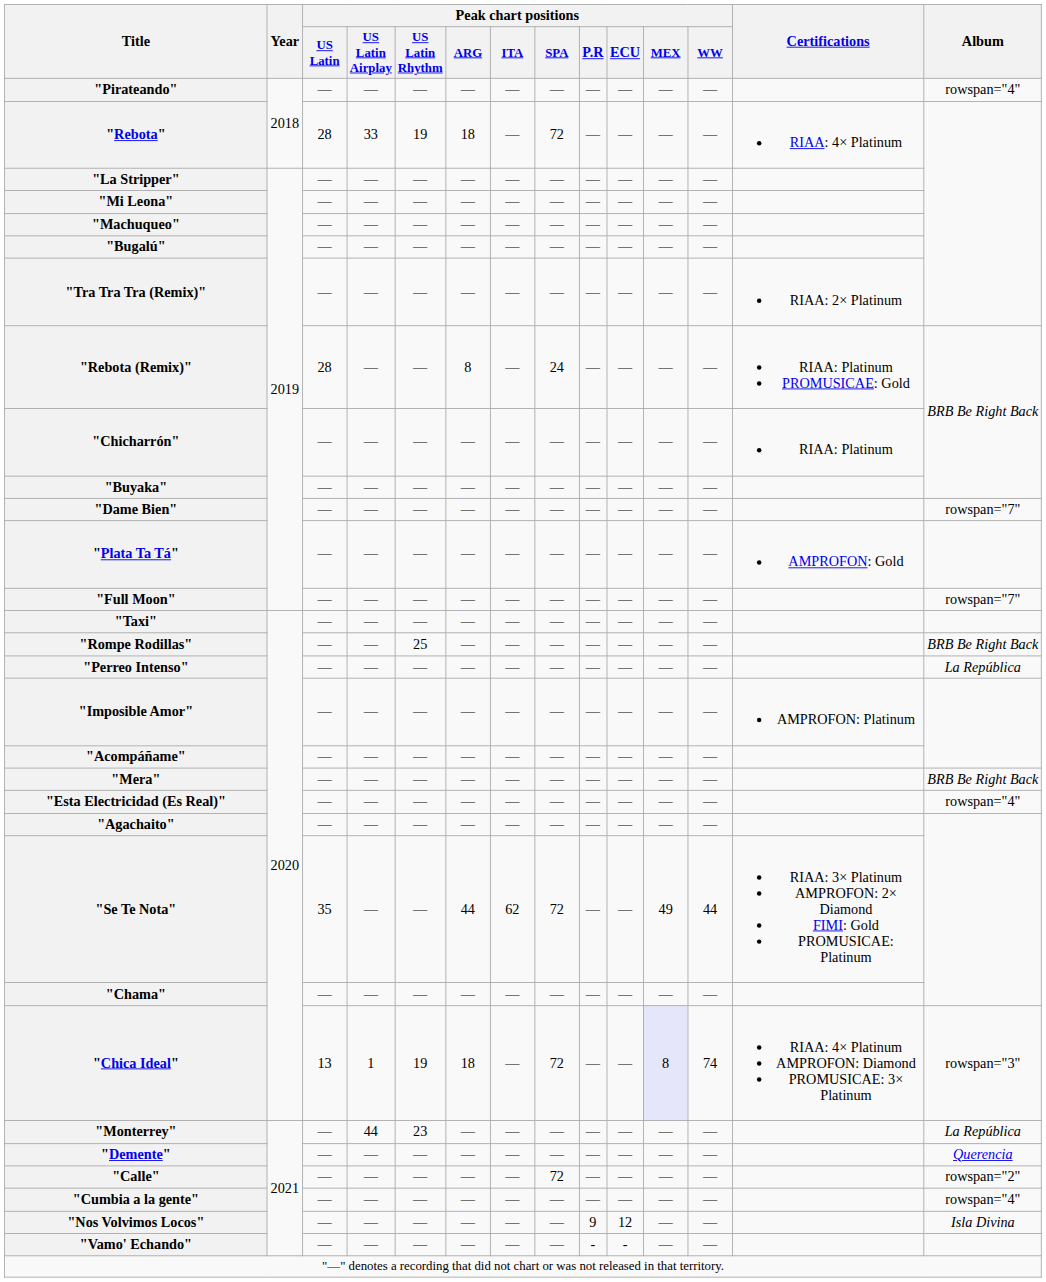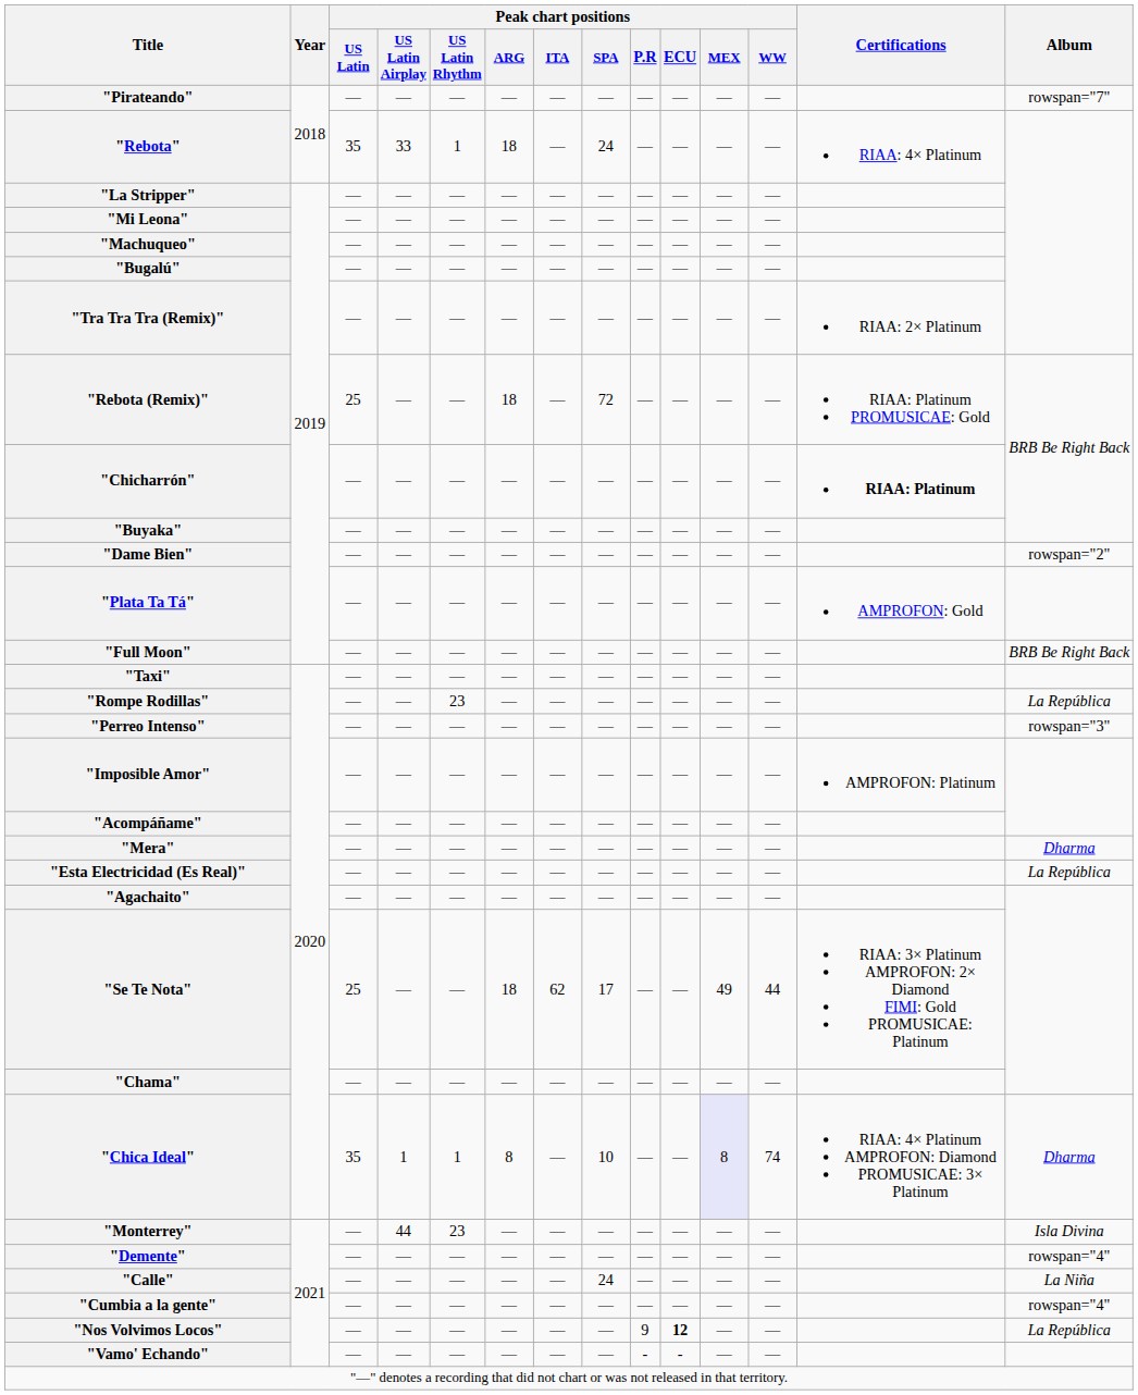 <table class="wikitable plainrowheaders" style="text-align:center;">
 <tr>
 <th scope="col" rowspan="2" style="width:18em;">Title</th>
 <th scope="col" rowspan="2" style="width:1em;">Year</th>
 <th colspan="10" scope="col">Peak chart positions</th>
 <th scope="col" rowspan="2" style="width:13em;"><a href='#'>Certifications</a></th>
 <th scope="col" rowspan="2">Album</th>
 </tr>
 <tr>
 <th scope="col" style="width:3em;font-size:90%;"><a href='#'>US<br>Latin</a><br></th>
 <th scope="col" style="width:3em;font-size:90%;"><a href='#'>US<br>Latin<br>Airplay</a><br></th>
 <th scope="col" style="width:3em;font-size:90%;"><a href='#'>US<br>Latin<br>Rhythm</a><br></th>
 <th scope="col" style="width:3em;font-size:90%;"><a href='#'>ARG</a><br></th>
 <th scope="col" style="width:3em;font-size:90%;"><a href='#'>ITA</a><br></th>
 <th scope="col" style="width:3em;font-size:90%;"><a href='#'>SPA</a><br></th>
 <th><a href='#'>P.R</a><br></th>
 <th><a href='#'>ECU</a><br></th>
 <th scope="col" style="width:3em;font-size:90%;"><a href='#'>MEX</a><br></th>
 <th scope="col" style="width:3em;font-size:90%;"><a href='#'>WW</a><br></th>
 </tr>
 <tr>
 <th scope="row">"Pirateando"</th>
 <td rowspan="2">2018</td>
 <td>—</td>
 <td>—</td>
 <td>—</td>
 <td>—</td>
 <td>—</td>
 <td>—</td>
 <td>—</td>
 <td>—</td>
 <td>—</td>
 <td>—</td>
 <td></td>
-<td>rowspan="4" </td>
+<td>rowspan="7" </td>
 </tr>
 <tr>
 <th scope="row">"<a href='#'>Rebota</a>"</th>
-<td>28</td>
+<td>35</td>
 <td>33</td>
-<td>19</td>
+<td>1</td>
 <td>18</td>
 <td>—</td>
-<td>72</td>
+<td>24</td>
 <td>—</td>
 <td>—</td>
 <td>—</td>
 <td>—</td>
 <td><br><ul><li><a href='#'>RIAA</a>: 4× Platinum  </li></ul></td>
 </tr>
 <tr>
 <th scope="row">"La Stripper"</th>
 <td rowspan="11">2019</td>
 <td>—</td>
 <td>—</td>
 <td>—</td>
 <td>—</td>
 <td>—</td>
 <td>—</td>
 <td>—</td>
 <td>—</td>
 <td>—</td>
 <td>—</td>
 <td></td>
 </tr>
 <tr>
 <th scope="row">"Mi Leona"<br></th>
 <td>—</td>
 <td>—</td>
 <td>—</td>
 <td>—</td>
 <td>—</td>
 <td>—</td>
 <td>—</td>
 <td>—</td>
 <td>—</td>
 <td>—</td>
 <td></td>
 </tr>
 <tr>
 <th scope="row">"Machuqueo"<br></th>
 <td>—</td>
 <td>—</td>
 <td>—</td>
 <td>—</td>
 <td>—</td>
 <td>—</td>
 <td>—</td>
 <td>—</td>
 <td>—</td>
 <td>—</td>
 <td></td>
 </tr>
 <tr>
 <th scope="row">"Bugalú"<br></th>
 <td>—</td>
 <td>—</td>
 <td>—</td>
 <td>—</td>
 <td>—</td>
 <td>—</td>
 <td>—</td>
 <td>—</td>
 <td>—</td>
 <td>—</td>
 <td></td>
 </tr>
 <tr>
 <th scope="row">"Tra Tra Tra (Remix)"<br></th>
 <td>—</td>
 <td>—</td>
 <td>—</td>
 <td>—</td>
 <td>—</td>
 <td>—</td>
 <td>—</td>
 <td>—</td>
 <td>—</td>
 <td>—</td>
 <td><br><ul><li>RIAA: 2× Platinum  </li></ul></td>
 </tr>
 <tr>
 <th scope="row">"Rebota (Remix)"<br></th>
-<td>28</td>
+<td>25</td>
 <td>—</td>
 <td>—</td>
-<td>8</td>
+<td>18</td>
 <td>—</td>
-<td>24</td>
+<td>72</td>
 <td>—</td>
 <td>—</td>
 <td>—</td>
 <td>—</td>
 <td><br><ul><li>RIAA: Platinum  </li><li><a href='#'>PROMUSICAE</a>: Gold</li></ul></td>
 <td rowspan="3"><em>BRB Be Right Back</em></td>
 </tr>
 <tr>
 <th scope="row">"Chicharrón"<br></th>
 <td>—</td>
 <td>—</td>
 <td>—</td>
 <td>—</td>
 <td>—</td>
 <td>—</td>
 <td>—</td>
 <td>—</td>
 <td>—</td>
 <td>—</td>
-<td><br><ul><li>RIAA: Platinum  </li></ul></td>
+<td><strong><br><ul><li>RIAA: Platinum  </li></ul></strong></td>
 </tr>
 <tr>
 <th scope="row">"Buyaka"</th>
 <td>—</td>
 <td>—</td>
 <td>—</td>
 <td>—</td>
 <td>—</td>
 <td>—</td>
 <td>—</td>
 <td>—</td>
 <td>—</td>
 <td>—</td>
 <td></td>
 </tr>
 <tr>
 <th scope="row">"Dame Bien"<br></th>
 <td>—</td>
 <td>—</td>
 <td>—</td>
 <td>—</td>
 <td>—</td>
 <td>—</td>
 <td>—</td>
 <td>—</td>
 <td>—</td>
 <td>—</td>
 <td></td>
-<td>rowspan="7" </td>
+<td>rowspan="2" </td>
 </tr>
 <tr>
 <th scope="row">"<a href='#'>Plata Ta Tá</a>"<br></th>
 <td>—</td>
 <td>—</td>
 <td>—</td>
 <td>—</td>
 <td>—</td>
 <td>—</td>
 <td>—</td>
 <td>—</td>
 <td>—</td>
 <td>—</td>
 <td><br><ul><li><a href='#'>AMPROFON</a>: Gold</li></ul></td>
 </tr>
 <tr>
 <th scope="row">"Full Moon"<br></th>
 <td>—</td>
 <td>—</td>
 <td>—</td>
 <td>—</td>
 <td>—</td>
 <td>—</td>
 <td>—</td>
 <td>—</td>
 <td>—</td>
 <td>—</td>
 <td></td>
-<td>rowspan="7" </td>
+<td><em>BRB Be Right Back</em></td>
 </tr>
 <tr>
 <th scope="row">"Taxi"<br></th>
 <td rowspan="11">2020</td>
 <td>—</td>
 <td>—</td>
 <td>—</td>
 <td>—</td>
 <td>—</td>
 <td>—</td>
 <td>—</td>
 <td>—</td>
 <td>—</td>
 <td>—</td>
 <td></td>
 <td></td>
 </tr>
 <tr>
 <th scope="row">"Rompe Rodillas"</th>
 <td>—</td>
 <td>—</td>
-<td>25</td>
+<td>23</td>
 <td>—</td>
 <td>—</td>
 <td>—</td>
 <td>—</td>
 <td>—</td>
 <td>—</td>
 <td>—</td>
 <td></td>
-<td><em>BRB Be Right Back</em></td>
+<td><em>La República</em></td>
 </tr>
 <tr>
 <th scope="row">"Perreo Intenso"<br></th>
 <td>—</td>
 <td>—</td>
 <td>—</td>
 <td>—</td>
 <td>—</td>
 <td>—</td>
 <td>—</td>
 <td>—</td>
 <td>—</td>
 <td>—</td>
 <td></td>
-<td><em>La República</em></td>
+<td>rowspan="3" </td>
 </tr>
 <tr>
 <th scope="row">"Imposible Amor"<br></th>
 <td>—</td>
 <td>—</td>
 <td>—</td>
 <td>—</td>
 <td>—</td>
 <td>—</td>
 <td>—</td>
 <td>—</td>
 <td>—</td>
 <td>—</td>
 <td><br><ul><li>AMPROFON: Platinum</li></ul></td>
 </tr>
 <tr>
 <th scope="row">"Acompáñame"<br></th>
 <td>—</td>
 <td>—</td>
 <td>—</td>
 <td>—</td>
 <td>—</td>
 <td>—</td>
 <td>—</td>
 <td>—</td>
 <td>—</td>
 <td>—</td>
 <td></td>
 </tr>
 <tr>
 <th scope="row">"Mera"</th>
 <td>—</td>
 <td>—</td>
 <td>—</td>
 <td>—</td>
 <td>—</td>
 <td>—</td>
 <td>—</td>
 <td>—</td>
 <td>—</td>
 <td>—</td>
 <td></td>
-<td><em>BRB Be Right Back</em></td>
+<td><em><a href='#'>Dharma</a></em></td>
 </tr>
 <tr>
 <th scope="row">"Esta Electricidad (Es Real)"<br></th>
 <td>—</td>
 <td>—</td>
 <td>—</td>
 <td>—</td>
 <td>—</td>
 <td>—</td>
 <td>—</td>
 <td>—</td>
 <td>—</td>
 <td>—</td>
 <td></td>
-<td>rowspan="4" </td>
+<td><em>La República</em></td>
 </tr>
 <tr>
 <th scope="row">"Agachaito"<br></th>
 <td>—</td>
 <td>—</td>
 <td>—</td>
 <td>—</td>
 <td>—</td>
 <td>—</td>
 <td>—</td>
 <td>—</td>
 <td>—</td>
 <td>—</td>
 <td></td>
 </tr>
 <tr>
 <th scope="row">"Se Te Nota"<br></th>
-<td>35</td>
+<td>25</td>
 <td>—</td>
 <td>—</td>
-<td>44</td>
+<td>18</td>
 <td>62</td>
-<td>72</td>
+<td>17</td>
 <td>—</td>
 <td>—</td>
 <td>49</td>
 <td>44</td>
 <td><br><ul><li>RIAA: 3× Platinum  </li><li>AMPROFON: 2× Diamond</li><li><a href='#'>FIMI</a>: Gold</li><li>PROMUSICAE: Platinum</li></ul></td>
 </tr>
 <tr>
 <th scope="row">"Chama"<br></th>
 <td>—</td>
 <td>—</td>
 <td>—</td>
 <td>—</td>
 <td>—</td>
 <td>—</td>
 <td>—</td>
 <td>—</td>
 <td>—</td>
 <td>—</td>
 <td></td>
 </tr>
 <tr>
 <th scope="row">"<a href='#'>Chica Ideal</a>"<br></th>
-<td>13</td>
+<td>35</td>
 <td>1</td>
-<td>19</td>
-<td>18</td>
+<td>1</td>
+<td>8</td>
 <td>—</td>
-<td>72</td>
+<td>10</td>
 <td>—</td>
 <td>—</td>
 <td style="background: lavender;">8</td>
 <td>74</td>
 <td><br><ul><li>RIAA: 4× Platinum </li><li>AMPROFON: Diamond</li><li>PROMUSICAE: 3× Platinum</li></ul></td>
-<td>rowspan="3" </td>
+<td><em><a href='#'>Dharma</a></em></td>
 </tr>
 <tr>
 <th scope="row">"Monterrey"<br></th>
 <td rowspan="6">2021</td>
 <td>—</td>
 <td>44</td>
 <td>23</td>
 <td>—</td>
 <td>—</td>
 <td>—</td>
 <td>—</td>
 <td>—</td>
 <td>—</td>
 <td>—</td>
 <td></td>
-<td><em>La República</em></td>
+<td><em>Isla Divina</em></td>
 </tr>
 <tr>
 <th scope="row">"<a href='#'>Demente</a>"<br></th>
 <td>—</td>
 <td>—</td>
 <td>—</td>
 <td>—</td>
 <td>—</td>
 <td>—</td>
 <td>—</td>
 <td>—</td>
 <td>—</td>
 <td>—</td>
 <td></td>
-<td><em><a href='#'>Querencia</a></em></td>
+<td>rowspan="4" </td>
 </tr>
 <tr>
 <th scope="row">"Calle"<br></th>
 <td>—</td>
 <td>—</td>
 <td>—</td>
 <td>—</td>
 <td>—</td>
-<td>72</td>
+<td>24</td>
 <td>—</td>
 <td>—</td>
 <td>—</td>
 <td>—</td>
 <td></td>
-<td>rowspan="2" </td>
+<td><em>La Niña</em></td>
 </tr>
 <tr>
 <th scope="row">"Cumbia a la gente"<br></th>
 <td>—</td>
 <td>—</td>
 <td>—</td>
 <td>—</td>
 <td>—</td>
 <td>—</td>
 <td>—</td>
 <td>—</td>
 <td>—</td>
 <td>—</td>
 <td></td>
 <td>rowspan="4" </td>
 </tr>
 <tr>
 <th scope="row">"Nos Volvimos Locos"<br></th>
 <td>—</td>
 <td>—</td>
 <td>—</td>
 <td>—</td>
 <td>—</td>
 <td>—</td>
 <td>9</td>
-<td>12</td>
+<td><strong>12</strong></td>
 <td>—</td>
 <td>—</td>
 <td></td>
-<td><em>Isla Divina</em></td>
+<td><em>La República</em></td>
 </tr>
 <tr>
 <th scope="row">"Vamo' Echando"<br></th>
 <td>—</td>
 <td>—</td>
 <td>—</td>
 <td>—</td>
 <td>—</td>
 <td>—</td>
 <td>-</td>
 <td>-</td>
 <td>—</td>
 <td>—</td>
 <td></td>
 <td></td>
 </tr>
 <tr>
 <td colspan="19" style="font-size:90%">"—" denotes a recording that did not chart or was not released in that territory.</td>
 </tr>
 </table>
